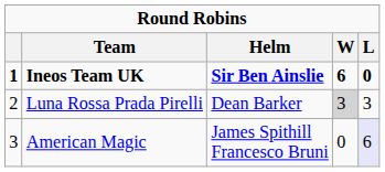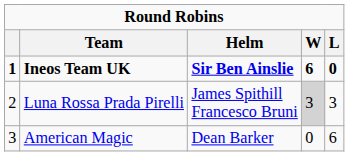 <table class="wikitable">
 <tr>
 <td colspan="5" style="text-align:center;"><strong>Round Robins</strong></td>
 </tr>
 <tr>
 <th></th>
 <th>Team</th>
 <th>Helm</th>
 <th>W</th>
 <th>L</th>
 </tr>
 <tr>
 <td><strong>1</strong></td>
 <td> <strong>Ineos Team UK</strong></td>
 <td><strong><a href='#'>Sir Ben Ainslie</a></strong></td>
 <td><strong>6</strong></td>
 <td><strong>0</strong></td>
 </tr>
 <tr>
 <td>2</td>
 <td> <a href='#'>Luna Rossa Prada Pirelli</a></td>
-<td><a href='#'>Dean Barker</a></td>
+<td><a href='#'>James Spithill</a> <br> <a href='#'>Francesco Bruni</a></td>
 <td style="background: lightgrey;">3</td>
 <td>3</td>
 </tr>
 <tr>
 <td>3</td>
 <td> <a href='#'>American Magic</a></td>
-<td><a href='#'>James Spithill</a> <br> <a href='#'>Francesco Bruni</a></td>
+<td><a href='#'>Dean Barker</a></td>
 <td>0</td>
-<td style="background: lavender;">6</td>
+<td>6</td>
 </tr>
 </table>
